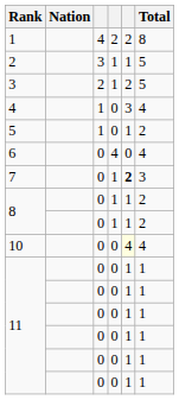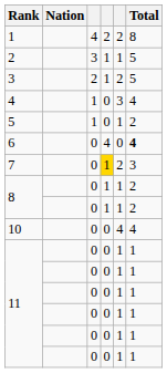 <table class=wikitable>
 <tr>
 <th>Rank</th>
 <th>Nation</th>
 <th></th>
 <th></th>
 <th></th>
 <th>Total</th>
 </tr>
 <tr>
 <td>1</td>
 <td></td>
 <td>4</td>
 <td>2</td>
 <td>2</td>
 <td>8</td>
 </tr>
 <tr>
 <td>2</td>
 <td></td>
 <td>3</td>
 <td>1</td>
 <td>1</td>
 <td>5</td>
 </tr>
 <tr>
 <td>3</td>
 <td></td>
 <td>2</td>
 <td>1</td>
 <td>2</td>
 <td>5</td>
 </tr>
 <tr>
 <td>4</td>
 <td></td>
 <td>1</td>
 <td>0</td>
 <td>3</td>
 <td>4</td>
 </tr>
 <tr>
 <td>5</td>
 <td></td>
 <td>1</td>
 <td>0</td>
 <td>1</td>
 <td>2</td>
 </tr>
 <tr>
 <td>6</td>
 <td></td>
 <td>0</td>
 <td>4</td>
 <td>0</td>
-<td>4</td>
+<td><strong>4</strong></td>
 </tr>
 <tr>
 <td>7</td>
 <td></td>
 <td>0</td>
-<td>1</td>
-<td><strong>2</strong></td>
+<td style="background: gold;">1</td>
+<td>2</td>
 <td>3</td>
 </tr>
 <tr>
 <td rowspan=2>8</td>
 <td></td>
 <td>0</td>
 <td>1</td>
 <td>1</td>
 <td>2</td>
 </tr>
 <tr>
 <td></td>
 <td>0</td>
 <td>1</td>
 <td>1</td>
 <td>2</td>
 </tr>
 <tr>
 <td>10</td>
 <td></td>
 <td>0</td>
 <td>0</td>
-<td style="background: lightyellow;">4</td>
+<td>4</td>
 <td>4</td>
 </tr>
 <tr>
 <td rowspan=6>11</td>
 <td></td>
 <td>0</td>
 <td>0</td>
 <td>1</td>
 <td>1</td>
 </tr>
 <tr>
 <td></td>
 <td>0</td>
 <td>0</td>
 <td>1</td>
 <td>1</td>
 </tr>
 <tr>
 <td></td>
 <td>0</td>
 <td>0</td>
 <td>1</td>
 <td>1</td>
 </tr>
 <tr>
 <td></td>
 <td>0</td>
 <td>0</td>
 <td>1</td>
 <td>1</td>
 </tr>
 <tr>
 <td></td>
 <td>0</td>
 <td>0</td>
 <td>1</td>
 <td>1</td>
 </tr>
 <tr>
 <td></td>
 <td>0</td>
 <td>0</td>
 <td>1</td>
 <td>1</td>
 </tr>
 </table>
